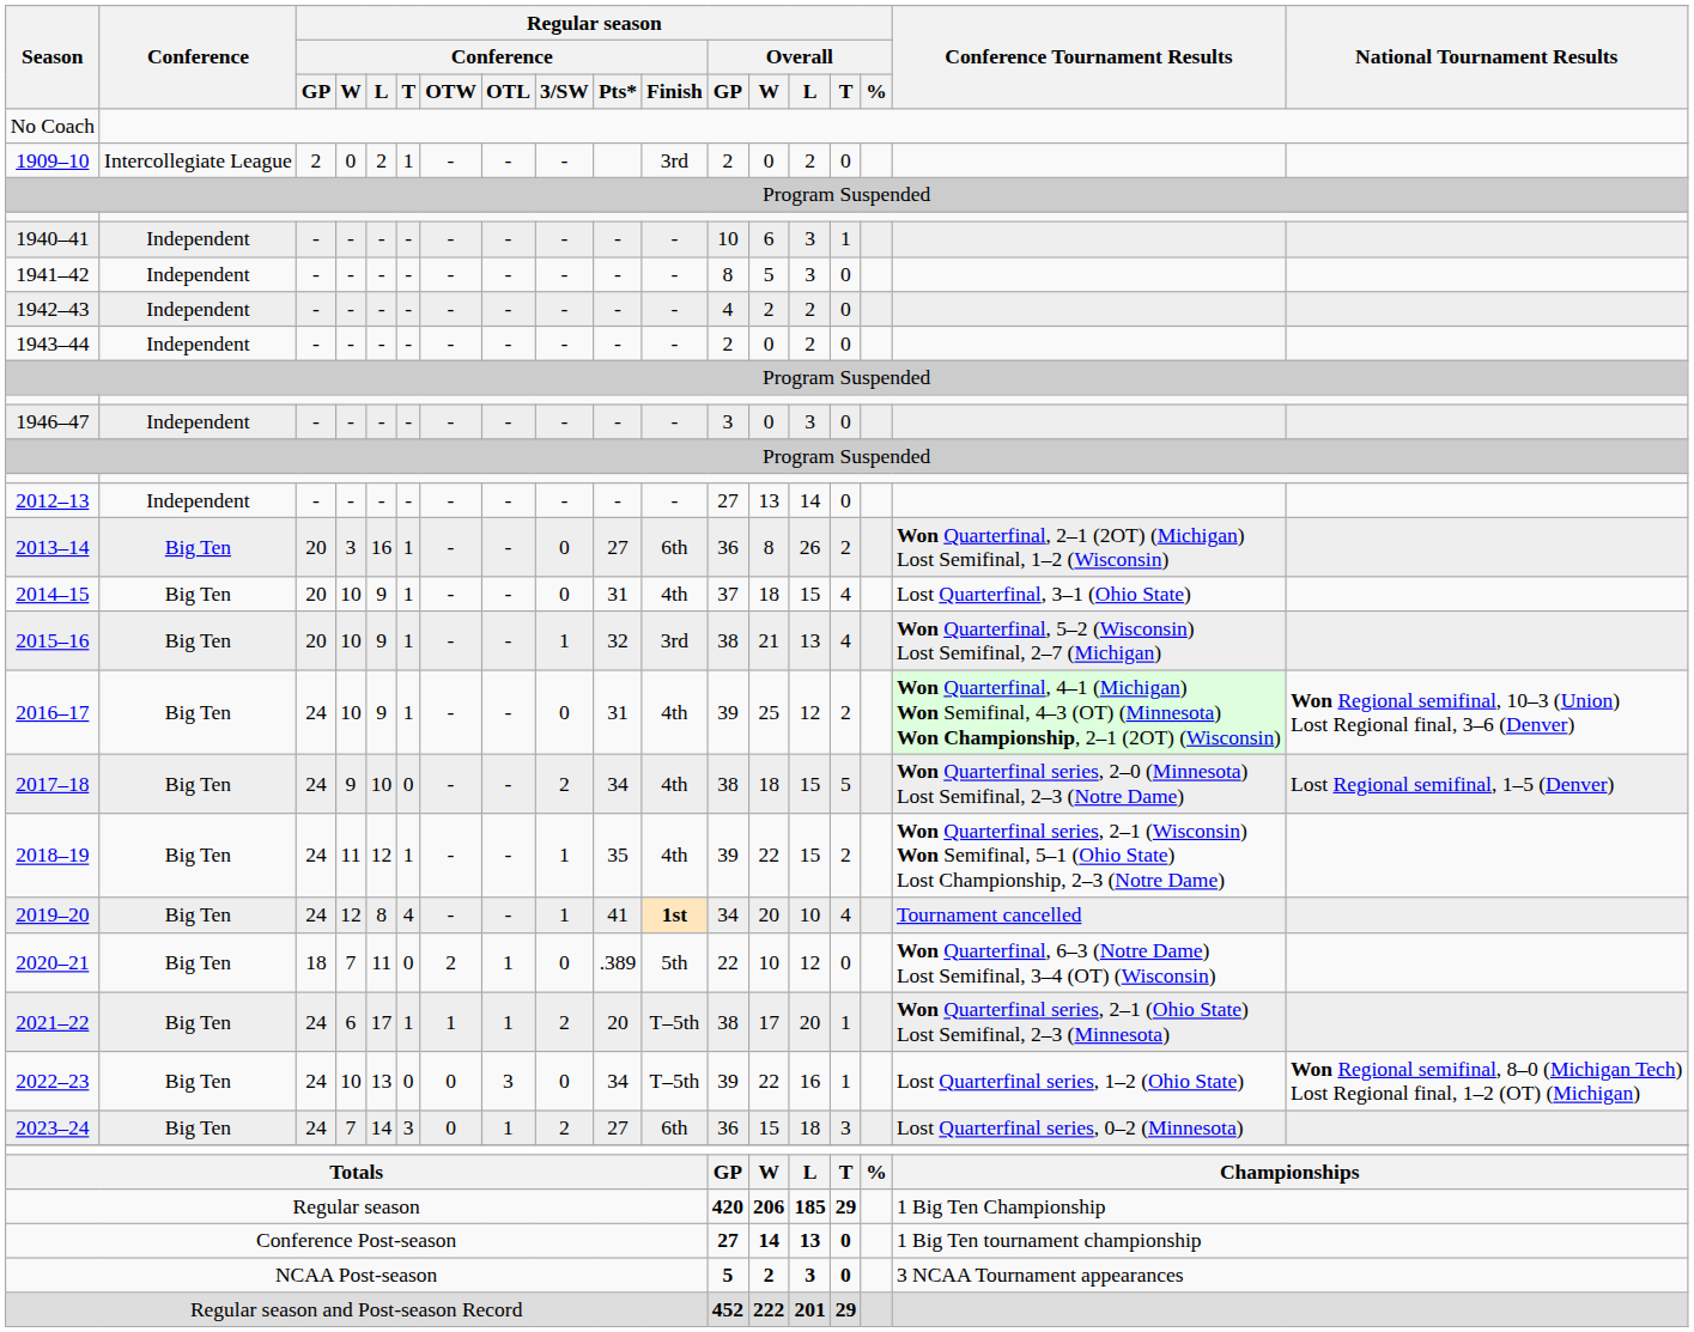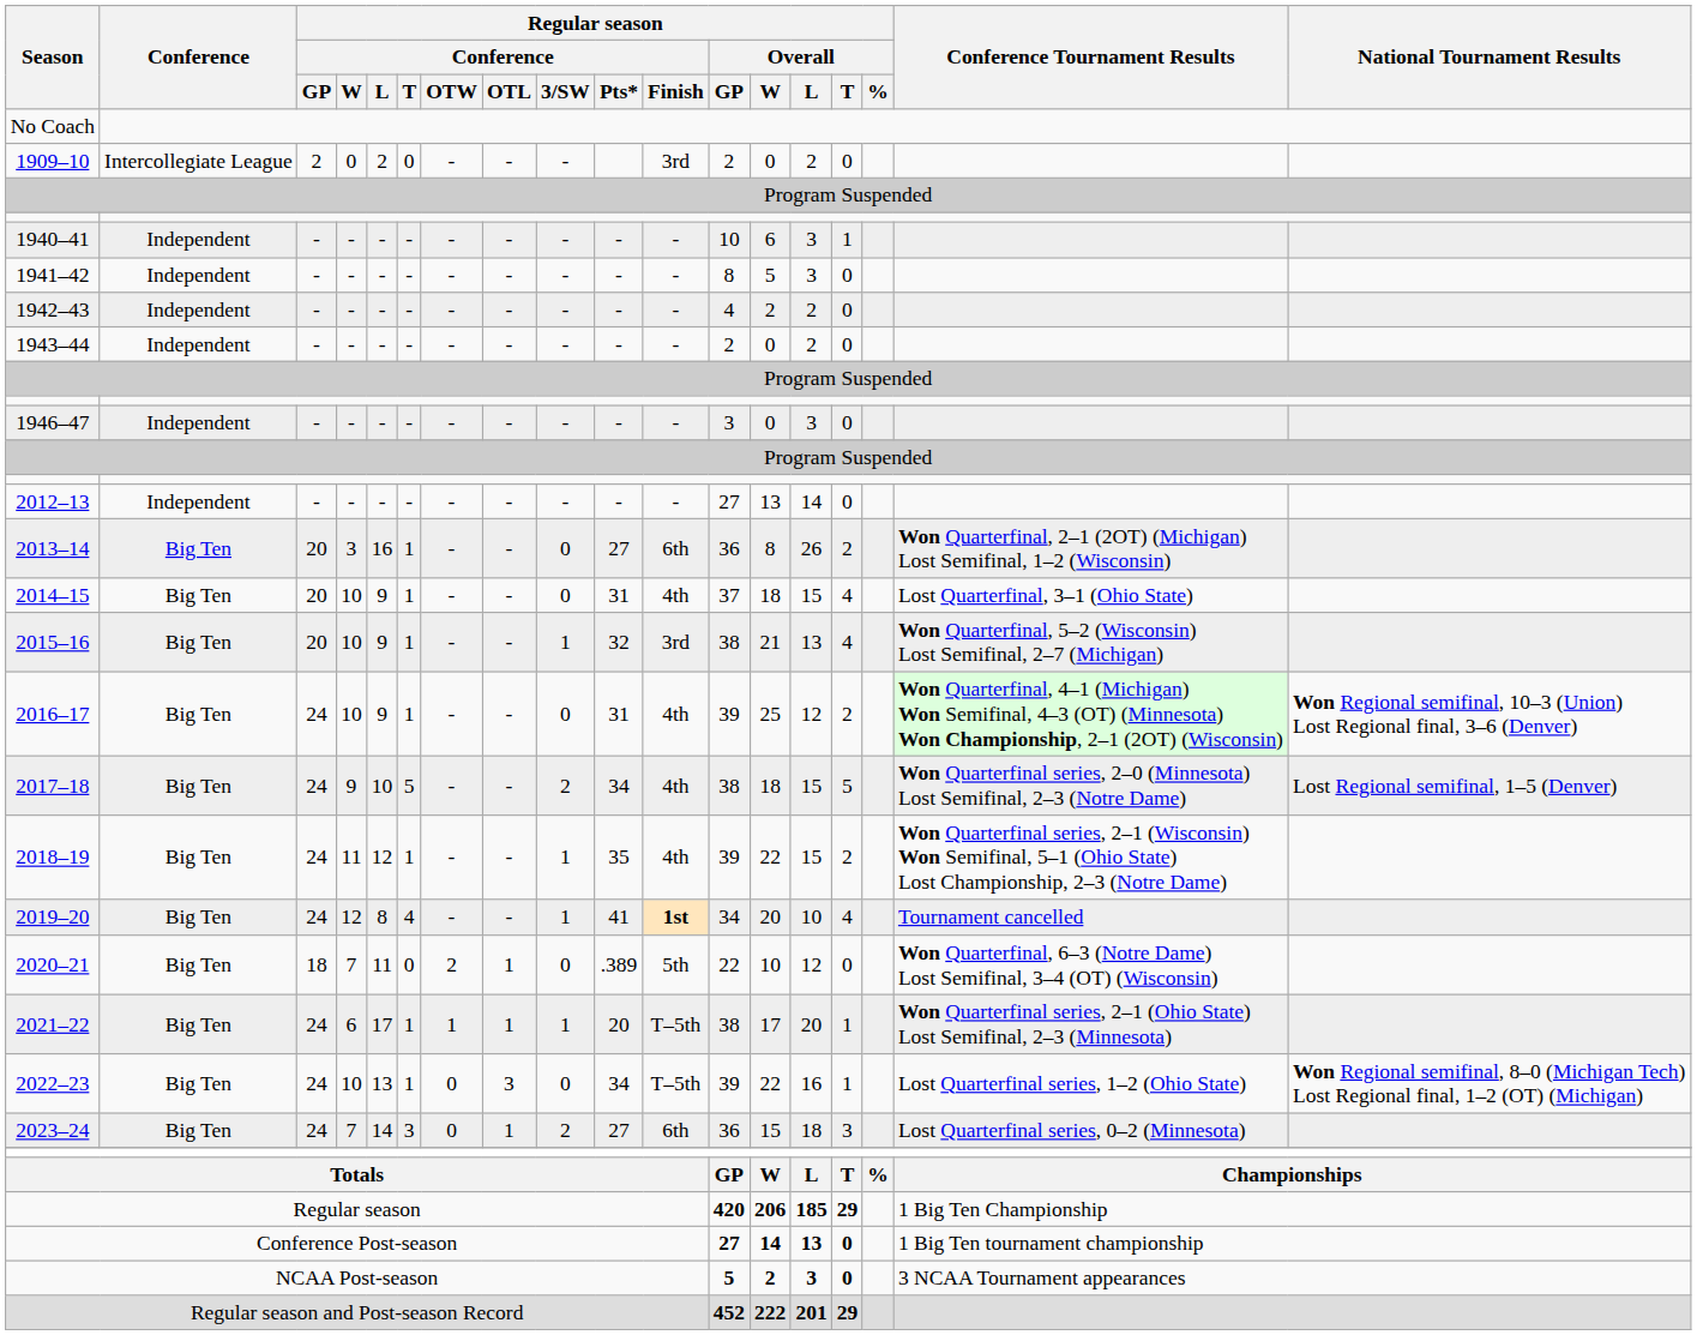 <table class="wikitable" style="text-align: center; font-size: 95%">
 <tr>
 <th rowspan="3">Season</th>
 <th rowspan="3">Conference</th>
 <th colspan="14">Regular season</th>
 <th rowspan="3">Conference Tournament Results</th>
 <th rowspan="3">National Tournament Results</th>
 </tr>
 <tr>
 <th colspan="9">Conference</th>
 <th colspan="5">Overall</th>
 </tr>
 <tr>
 <th>GP</th>
 <th>W</th>
 <th>L</th>
 <th>T</th>
 <th>OTW</th>
 <th>OTL</th>
 <th>3/SW</th>
 <th>Pts*</th>
 <th>Finish</th>
 <th>GP</th>
 <th>W</th>
 <th>L</th>
 <th>T</th>
 <th>%</th>
 </tr>
 <tr>
 <td>No Coach </td>
 </tr>
 <tr>
 <td><a href='#'>1909–10</a></td>
 <td>Intercollegiate League</td>
 <td>2</td>
 <td>0</td>
 <td>2</td>
-<td>1</td>
+<td>0</td>
 <td>-</td>
 <td>-</td>
 <td>-</td>
 <td></td>
 <td>3rd</td>
 <td>2</td>
 <td>0</td>
 <td>2</td>
 <td>0</td>
 <td></td>
 <td align="left"></td>
 <td align="left"></td>
 </tr>
 <tr>
 <td style="background:#cccccc;" colspan="18">Program Suspended</td>
 </tr>
 <tr>
 <td><a href='#'></a> </td>
 </tr>
 <tr bgcolor=#eeeeee>
 <td>1940–41</td>
 <td>Independent</td>
 <td>-</td>
 <td>-</td>
 <td>-</td>
 <td>-</td>
 <td>-</td>
 <td>-</td>
 <td>-</td>
 <td>-</td>
 <td>-</td>
 <td>10</td>
 <td>6</td>
 <td>3</td>
 <td>1</td>
 <td></td>
 <td align="left"></td>
 <td align="left"></td>
 </tr>
 <tr>
 <td>1941–42</td>
 <td>Independent</td>
 <td>-</td>
 <td>-</td>
 <td>-</td>
 <td>-</td>
 <td>-</td>
 <td>-</td>
 <td>-</td>
 <td>-</td>
 <td>-</td>
 <td>8</td>
 <td>5</td>
 <td>3</td>
 <td>0</td>
 <td></td>
 <td align="left"></td>
 <td align="left"></td>
 </tr>
 <tr bgcolor=#eeeeee>
 <td>1942–43</td>
 <td>Independent</td>
 <td>-</td>
 <td>-</td>
 <td>-</td>
 <td>-</td>
 <td>-</td>
 <td>-</td>
 <td>-</td>
 <td>-</td>
 <td>-</td>
 <td>4</td>
 <td>2</td>
 <td>2</td>
 <td>0</td>
 <td></td>
 <td align="left"></td>
 <td align="left"></td>
 </tr>
 <tr>
 <td>1943–44</td>
 <td>Independent</td>
 <td>-</td>
 <td>-</td>
 <td>-</td>
 <td>-</td>
 <td>-</td>
 <td>-</td>
 <td>-</td>
 <td>-</td>
 <td>-</td>
 <td>2</td>
 <td>0</td>
 <td>2</td>
 <td>0</td>
 <td></td>
 <td align="left"></td>
 <td align="left"></td>
 </tr>
 <tr>
 <td style="background:#cccccc;" colspan="18">Program Suspended</td>
 </tr>
 <tr>
 <td><a href='#'></a> </td>
 </tr>
 <tr bgcolor=#eeeeee>
 <td>1946–47</td>
 <td>Independent</td>
 <td>-</td>
 <td>-</td>
 <td>-</td>
 <td>-</td>
 <td>-</td>
 <td>-</td>
 <td>-</td>
 <td>-</td>
 <td>-</td>
 <td>3</td>
 <td>0</td>
 <td>3</td>
 <td>0</td>
 <td></td>
 <td align="left"></td>
 <td align="left"></td>
 </tr>
 <tr>
 <td style="background:#cccccc;" colspan="18">Program Suspended</td>
 </tr>
 <tr>
 <td><a href='#'></a> </td>
 </tr>
 <tr>
 <td><a href='#'>2012–13</a></td>
 <td>Independent</td>
 <td>-</td>
 <td>-</td>
 <td>-</td>
 <td>-</td>
 <td>-</td>
 <td>-</td>
 <td>-</td>
 <td>-</td>
 <td>-</td>
 <td>27</td>
 <td>13</td>
 <td>14</td>
 <td>0</td>
 <td></td>
 <td align="left"></td>
 <td align="left"></td>
 </tr>
 <tr bgcolor=#eeeeee>
 <td><a href='#'>2013–14</a></td>
 <td><a href='#'>Big Ten</a></td>
 <td>20</td>
 <td>3</td>
 <td>16</td>
 <td>1</td>
 <td>-</td>
 <td>-</td>
 <td>0</td>
 <td>27</td>
 <td>6th</td>
 <td>36</td>
 <td>8</td>
 <td>26</td>
 <td>2</td>
 <td></td>
 <td align="left"><strong>Won</strong> <a href='#'>Quarterfinal</a>, 2–1 (2OT) (<a href='#'>Michigan</a>)<br>Lost Semifinal, 1–2 (<a href='#'>Wisconsin</a>)</td>
 <td align="left"></td>
 </tr>
 <tr>
 <td><a href='#'>2014–15</a></td>
 <td>Big Ten</td>
 <td>20</td>
 <td>10</td>
 <td>9</td>
 <td>1</td>
 <td>-</td>
 <td>-</td>
 <td>0</td>
 <td>31</td>
 <td>4th</td>
 <td>37</td>
 <td>18</td>
 <td>15</td>
 <td>4</td>
 <td></td>
 <td align="left">Lost <a href='#'>Quarterfinal</a>, 3–1 (<a href='#'>Ohio State</a>)</td>
 <td align="left"></td>
 </tr>
 <tr bgcolor=#eeeeee>
 <td><a href='#'>2015–16</a></td>
 <td>Big Ten</td>
 <td>20</td>
 <td>10</td>
 <td>9</td>
 <td>1</td>
 <td>-</td>
 <td>-</td>
 <td>1</td>
 <td>32</td>
 <td>3rd</td>
 <td>38</td>
 <td>21</td>
 <td>13</td>
 <td>4</td>
 <td></td>
 <td align="left"><strong>Won</strong> <a href='#'>Quarterfinal</a>, 5–2 (<a href='#'>Wisconsin</a>)<br>Lost Semifinal, 2–7 (<a href='#'>Michigan</a>)</td>
 <td align="left"></td>
 </tr>
 <tr>
 <td><a href='#'>2016–17</a></td>
 <td>Big Ten</td>
 <td>24</td>
 <td>10</td>
 <td>9</td>
 <td>1</td>
 <td>-</td>
 <td>-</td>
 <td>0</td>
 <td>31</td>
 <td>4th</td>
 <td>39</td>
 <td>25</td>
 <td>12</td>
 <td>2</td>
 <td></td>
 <td style="background: #ddffdd;" align="left"><strong>Won</strong> <a href='#'>Quarterfinal</a>, 4–1 (<a href='#'>Michigan</a>)<br><strong>Won</strong> Semifinal, 4–3 (OT) (<a href='#'>Minnesota</a>)<br><strong>Won Championship</strong>, 2–1 (2OT) (<a href='#'>Wisconsin</a>)</td>
 <td align="left"><strong>Won</strong> <a href='#'>Regional semifinal</a>, 10–3 (<a href='#'>Union</a>)<br>Lost Regional final, 3–6 (<a href='#'>Denver</a>)</td>
 </tr>
 <tr bgcolor=#eeeeee>
 <td><a href='#'>2017–18</a></td>
 <td>Big Ten</td>
 <td>24</td>
 <td>9</td>
 <td>10</td>
-<td>0</td>
+<td>5</td>
 <td>-</td>
 <td>-</td>
 <td>2</td>
 <td>34</td>
 <td>4th</td>
 <td>38</td>
 <td>18</td>
 <td>15</td>
 <td>5</td>
 <td></td>
 <td align="left"><strong>Won</strong> <a href='#'>Quarterfinal series</a>, 2–0 (<a href='#'>Minnesota</a>)<br>Lost Semifinal, 2–3 (<a href='#'>Notre Dame</a>)</td>
 <td align="left">Lost <a href='#'>Regional semifinal</a>, 1–5 (<a href='#'>Denver</a>)</td>
 </tr>
 <tr>
 <td><a href='#'>2018–19</a></td>
 <td>Big Ten</td>
 <td>24</td>
 <td>11</td>
 <td>12</td>
 <td>1</td>
 <td>-</td>
 <td>-</td>
 <td>1</td>
 <td>35</td>
 <td>4th</td>
 <td>39</td>
 <td>22</td>
 <td>15</td>
 <td>2</td>
 <td></td>
 <td align="left"><strong>Won</strong> <a href='#'>Quarterfinal series</a>, 2–1 (<a href='#'>Wisconsin</a>)<br><strong>Won</strong> Semifinal, 5–1 (<a href='#'>Ohio State</a>)<br>Lost Championship, 2–3 (<a href='#'>Notre Dame</a>)</td>
 <td align="left"></td>
 </tr>
 <tr bgcolor=eeeeee>
 <td><a href='#'>2019–20</a></td>
 <td>Big Ten</td>
 <td>24</td>
 <td>12</td>
 <td>8</td>
 <td>4</td>
 <td>-</td>
 <td>-</td>
 <td>1</td>
 <td>41</td>
 <td style="background: #FFE6BD;"><strong>1st</strong></td>
 <td>34</td>
 <td>20</td>
 <td>10</td>
 <td>4</td>
 <td></td>
 <td align="left"><a href='#'>Tournament cancelled</a></td>
 <td align="left"></td>
 </tr>
 <tr>
 <td><a href='#'>2020–21</a></td>
 <td>Big Ten</td>
 <td>18</td>
 <td>7</td>
 <td>11</td>
 <td>0</td>
 <td>2</td>
 <td>1</td>
 <td>0</td>
 <td>.389</td>
 <td>5th</td>
 <td>22</td>
 <td>10</td>
 <td>12</td>
 <td>0</td>
 <td></td>
 <td align="left"><strong>Won</strong> <a href='#'>Quarterfinal</a>, 6–3 (<a href='#'>Notre Dame</a>)<br>Lost Semifinal, 3–4 (OT) (<a href='#'>Wisconsin</a>)</td>
 <td align="left"></td>
 </tr>
 <tr bgcolor=eeeeee>
 <td><a href='#'>2021–22</a></td>
 <td>Big Ten</td>
 <td>24</td>
 <td>6</td>
 <td>17</td>
 <td>1</td>
 <td>1</td>
 <td>1</td>
-<td>2</td>
+<td>1</td>
 <td>20</td>
 <td>T–5th</td>
 <td>38</td>
 <td>17</td>
 <td>20</td>
 <td>1</td>
 <td></td>
 <td align="left"><strong>Won</strong> <a href='#'>Quarterfinal series</a>, 2–1 (<a href='#'>Ohio State</a>)<br>Lost Semifinal, 2–3 (<a href='#'>Minnesota</a>)</td>
 <td align="left"></td>
 </tr>
 <tr bgcolor=>
 <td><a href='#'>2022–23</a></td>
 <td>Big Ten</td>
 <td>24</td>
 <td>10</td>
 <td>13</td>
-<td>0</td>
+<td>1</td>
 <td>0</td>
 <td>3</td>
 <td>0</td>
 <td>34</td>
 <td>T–5th</td>
 <td>39</td>
 <td>22</td>
 <td>16</td>
 <td>1</td>
 <td></td>
 <td align="left">Lost <a href='#'>Quarterfinal series</a>, 1–2 (<a href='#'>Ohio State</a>)</td>
 <td align="left"><strong>Won</strong> <a href='#'>Regional semifinal</a>, 8–0 (<a href='#'>Michigan Tech</a>)<br>Lost Regional final, 1–2 (OT) (<a href='#'>Michigan</a>)</td>
 </tr>
 <tr bgcolor=eeeeee>
 <td><a href='#'>2023–24</a></td>
 <td>Big Ten</td>
 <td>24</td>
 <td>7</td>
 <td>14</td>
 <td>3</td>
 <td>0</td>
 <td>1</td>
 <td>2</td>
 <td>27</td>
 <td>6th</td>
 <td>36</td>
 <td>15</td>
 <td>18</td>
 <td>3</td>
 <td></td>
 <td align="left">Lost <a href='#'>Quarterfinal series</a>, 0–2 (<a href='#'>Minnesota</a>)</td>
 <td align="left"></td>
 </tr>
 <tr>
 </tr>
 <tr ->
 </tr>
 <tr>
 <td colspan="18" style="background:#fff;"></td>
 </tr>
 <tr>
 <th colspan="11">Totals</th>
 <th>GP</th>
 <th>W</th>
 <th>L</th>
 <th>T</th>
 <th>%</th>
 <th colspan="2">Championships</th>
 </tr>
 <tr>
 <td colspan="11">Regular season</td>
 <td><strong>420</strong></td>
 <td><strong>206</strong></td>
 <td><strong>185</strong></td>
 <td><strong>29</strong></td>
 <td><strong></strong></td>
 <td colspan="2" align="left">1 Big Ten Championship</td>
 </tr>
 <tr>
 <td colspan="11">Conference Post-season</td>
 <td><strong>27</strong></td>
 <td><strong>14</strong></td>
 <td><strong>13</strong></td>
 <td><strong>0</strong></td>
 <td><strong></strong></td>
 <td colspan="2" align="left">1 Big Ten tournament championship</td>
 </tr>
 <tr>
 <td colspan="11">NCAA Post-season</td>
 <td><strong>5</strong></td>
 <td><strong>2</strong></td>
 <td><strong>3</strong></td>
 <td><strong>0</strong></td>
 <td><strong></strong></td>
 <td colspan="2" align="left">3 NCAA Tournament appearances</td>
 </tr>
 <tr bgcolor=dddddd>
 <td colspan="11">Regular season and Post-season Record</td>
 <td><strong>452</strong></td>
 <td><strong>222</strong></td>
 <td><strong>201</strong></td>
 <td><strong>29</strong></td>
 <td><strong></strong></td>
 <td colspan="2" align="left"></td>
 </tr>
 </table>
